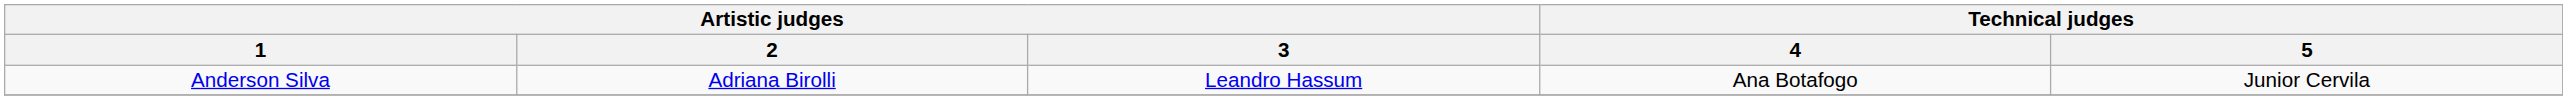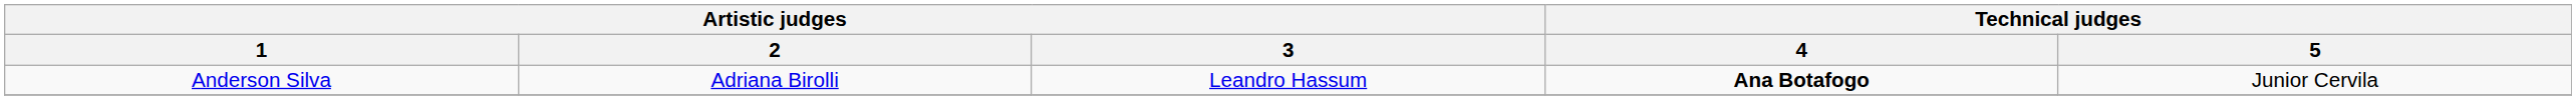 <table class="wikitable" style="font-size:100%; line-height:16px; text-align:center" width="100%">
 <tr>
 <th colspan=3>Artistic judges</th>
 <th colspan=2>Technical judges</th>
 </tr>
 <tr>
 <th width="20%">1</th>
 <th width="20%">2</th>
 <th width="20%">3</th>
 <th width="20%">4</th>
 <th width="20%">5</th>
 </tr>
 <tr>
 <td><a href='#'>Anderson Silva</a></td>
 <td><a href='#'>Adriana Birolli</a></td>
 <td><a href='#'>Leandro Hassum</a></td>
-<td>Ana Botafogo</td>
+<td><strong>Ana Botafogo</strong></td>
 <td>Junior Cervila</td>
 </tr>
 <tr>
 </tr>
 </table>
